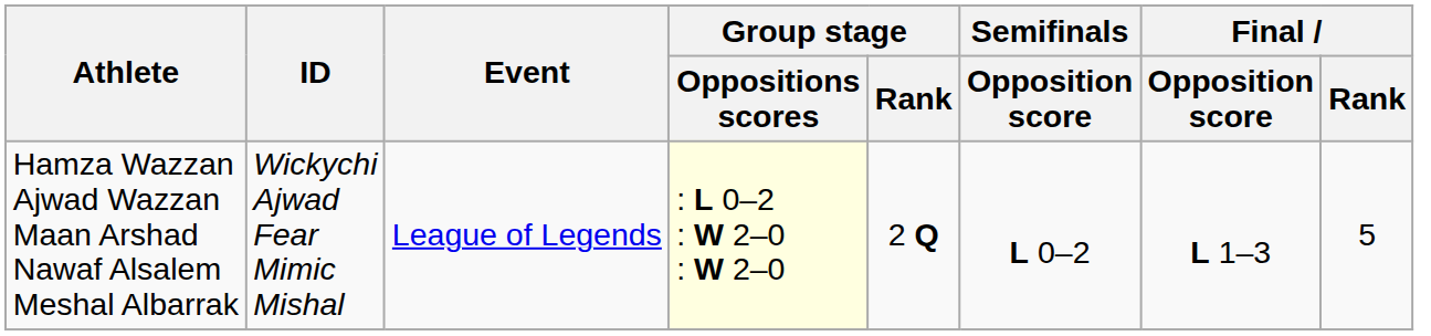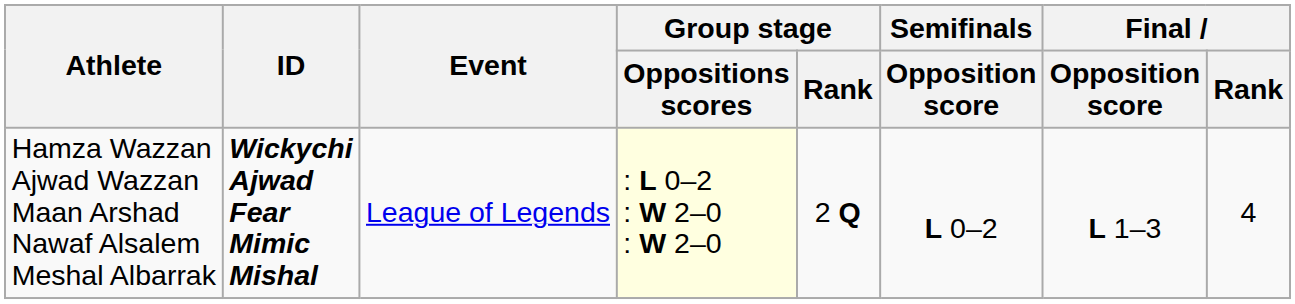 <table class=wikitable style="font-size:90%; text-align:center;">
 <tr>
 <th rowspan=2>Athlete</th>
 <th rowspan=2>ID</th>
 <th rowspan=2>Event</th>
 <th colspan=2>Group stage</th>
 <th>Semifinals</th>
 <th colspan=2>Final / </th>
 </tr>
 <tr>
 <th>Oppositions<br> scores</th>
 <th>Rank</th>
 <th>Opposition<br> score</th>
 <th>Opposition<br> score</th>
 <th>Rank</th>
 </tr>
 <tr>
 <td align=left>Hamza Wazzan<br>Ajwad Wazzan<br>Maan Arshad<br>Nawaf Alsalem<br>Meshal Albarrak</td>
-<td align=left><em>Wickychi<br>Ajwad<br>Fear<br>Mimic<br>Mishal</em></td>
+<td align=left><strong><em>Wickychi<br>Ajwad<br>Fear<br>Mimic<br>Mishal</em></strong></td>
 <td align=left><a href='#'>League of Legends</a></td>
 <td align=left style="background: lightyellow;">: <strong>L</strong> 0–2<br>: <strong>W</strong> 2–0<br>: <strong>W</strong> 2–0</td>
 <td>2 <strong>Q</strong></td>
 <td><br><strong>L</strong> 0–2</td>
 <td><br><strong>L</strong> 1–3</td>
-<td>5</td>
+<td>4</td>
 </tr>
 </table>
